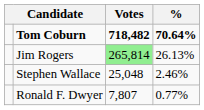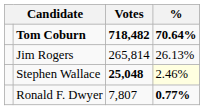 <table class="wikitable">
 <tr>
 <th colspan="2" rowspan="1" align="center" valign="top"><strong>Candidate</strong></th>
 <th valign="top"><strong>Votes</strong></th>
 <th valign="top"><strong>%</strong></th>
 </tr>
 <tr>
 <td style="background-color:"> </td>
 <td><strong>Tom Coburn</strong></td>
 <td><strong>718,482</strong></td>
 <td><strong>70.64%</strong></td>
 </tr>
 <tr>
 <td style="background-color:"> </td>
 <td>Jim Rogers</td>
-<td style="background: lightgreen;">265,814</td>
+<td>265,814</td>
 <td>26.13%</td>
 </tr>
 <tr>
 <td style="background-color:"> </td>
 <td>Stephen Wallace</td>
-<td>25,048</td>
-<td>2.46%</td>
+<td><strong>25,048</strong></td>
+<td style="background: lightyellow;">2.46%</td>
 </tr>
 <tr>
 <td style="background-color:"> </td>
 <td>Ronald F. Dwyer</td>
 <td>7,807</td>
-<td>0.77%</td>
+<td><strong>0.77%</strong></td>
 </tr>
 </table>
